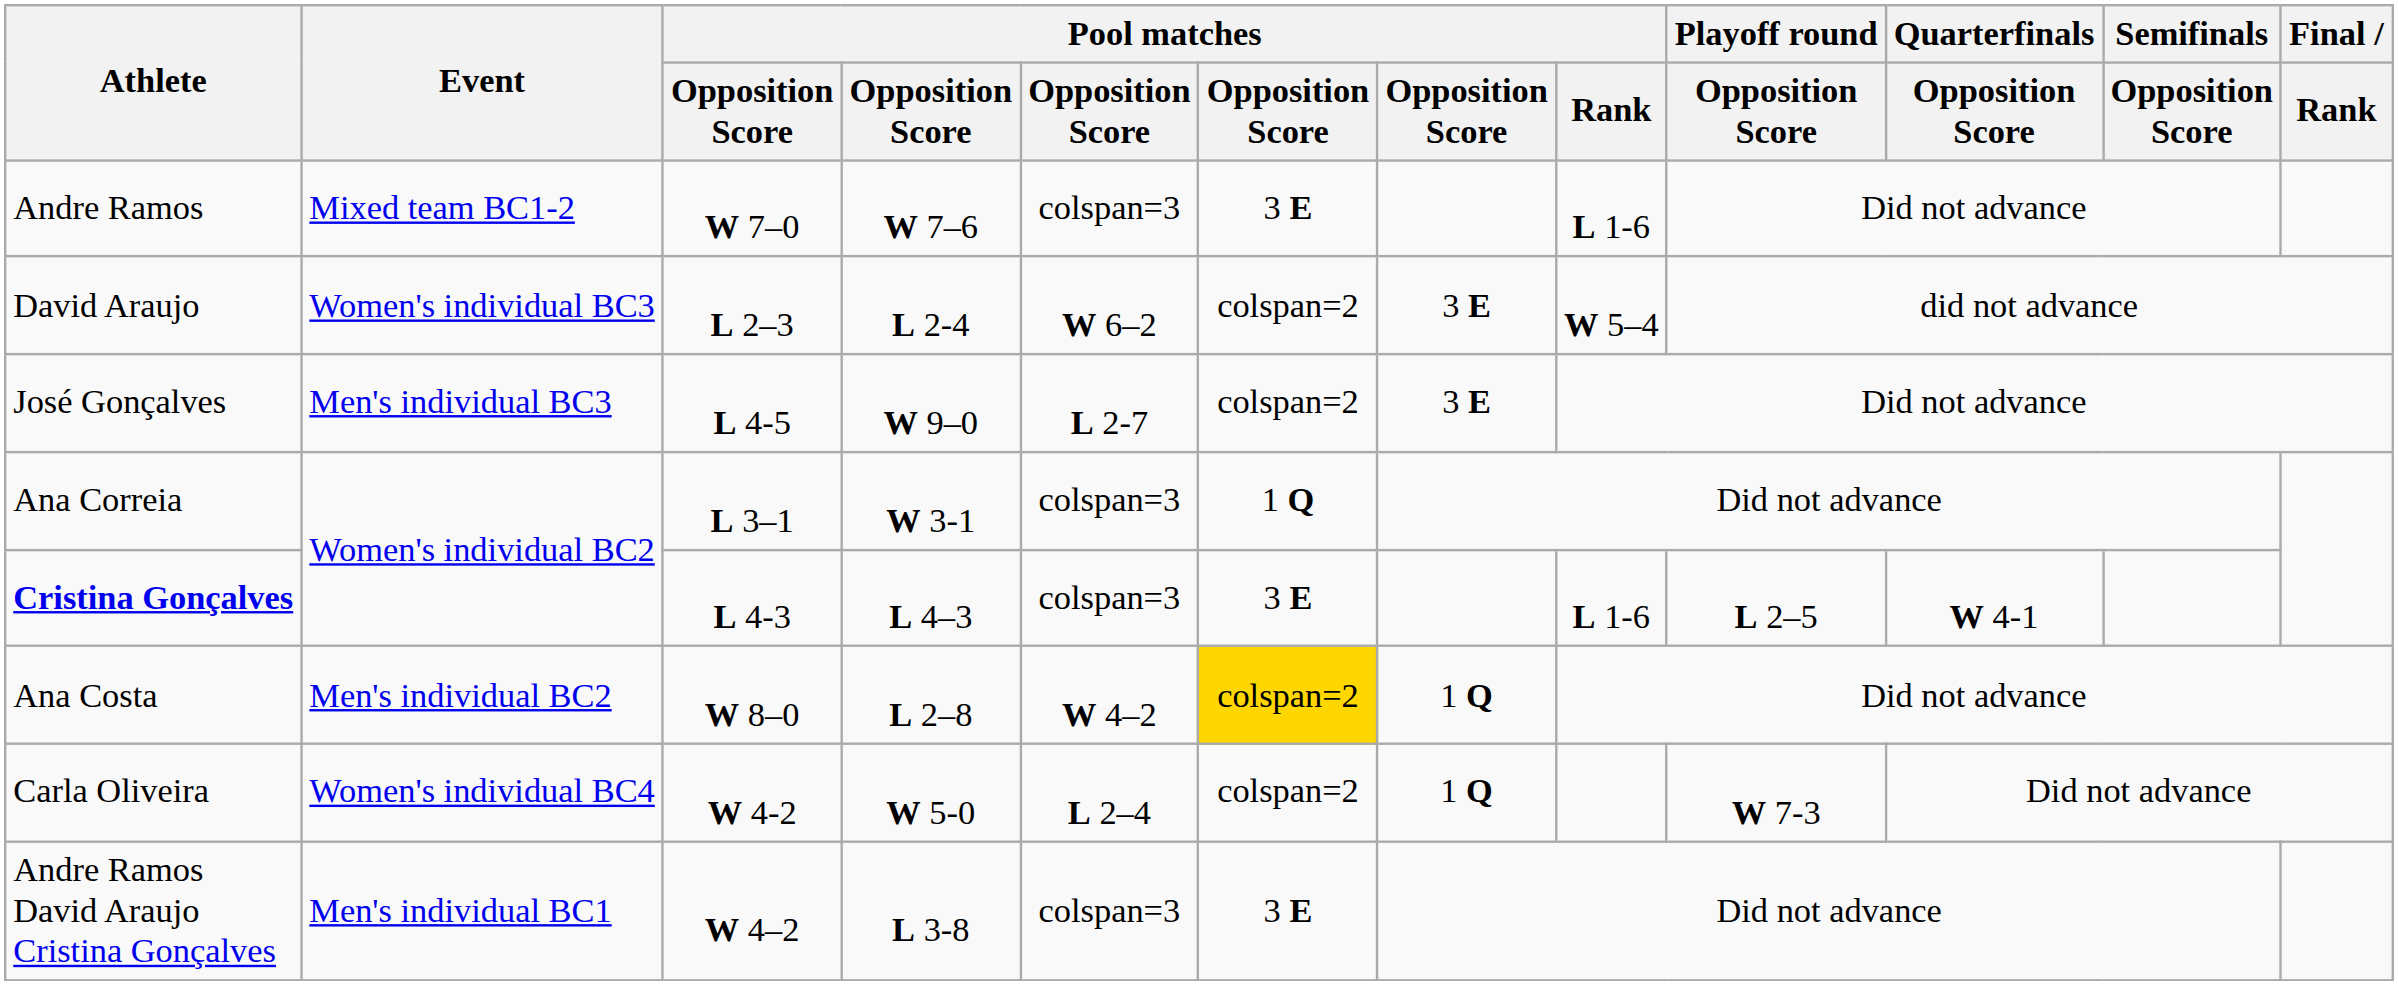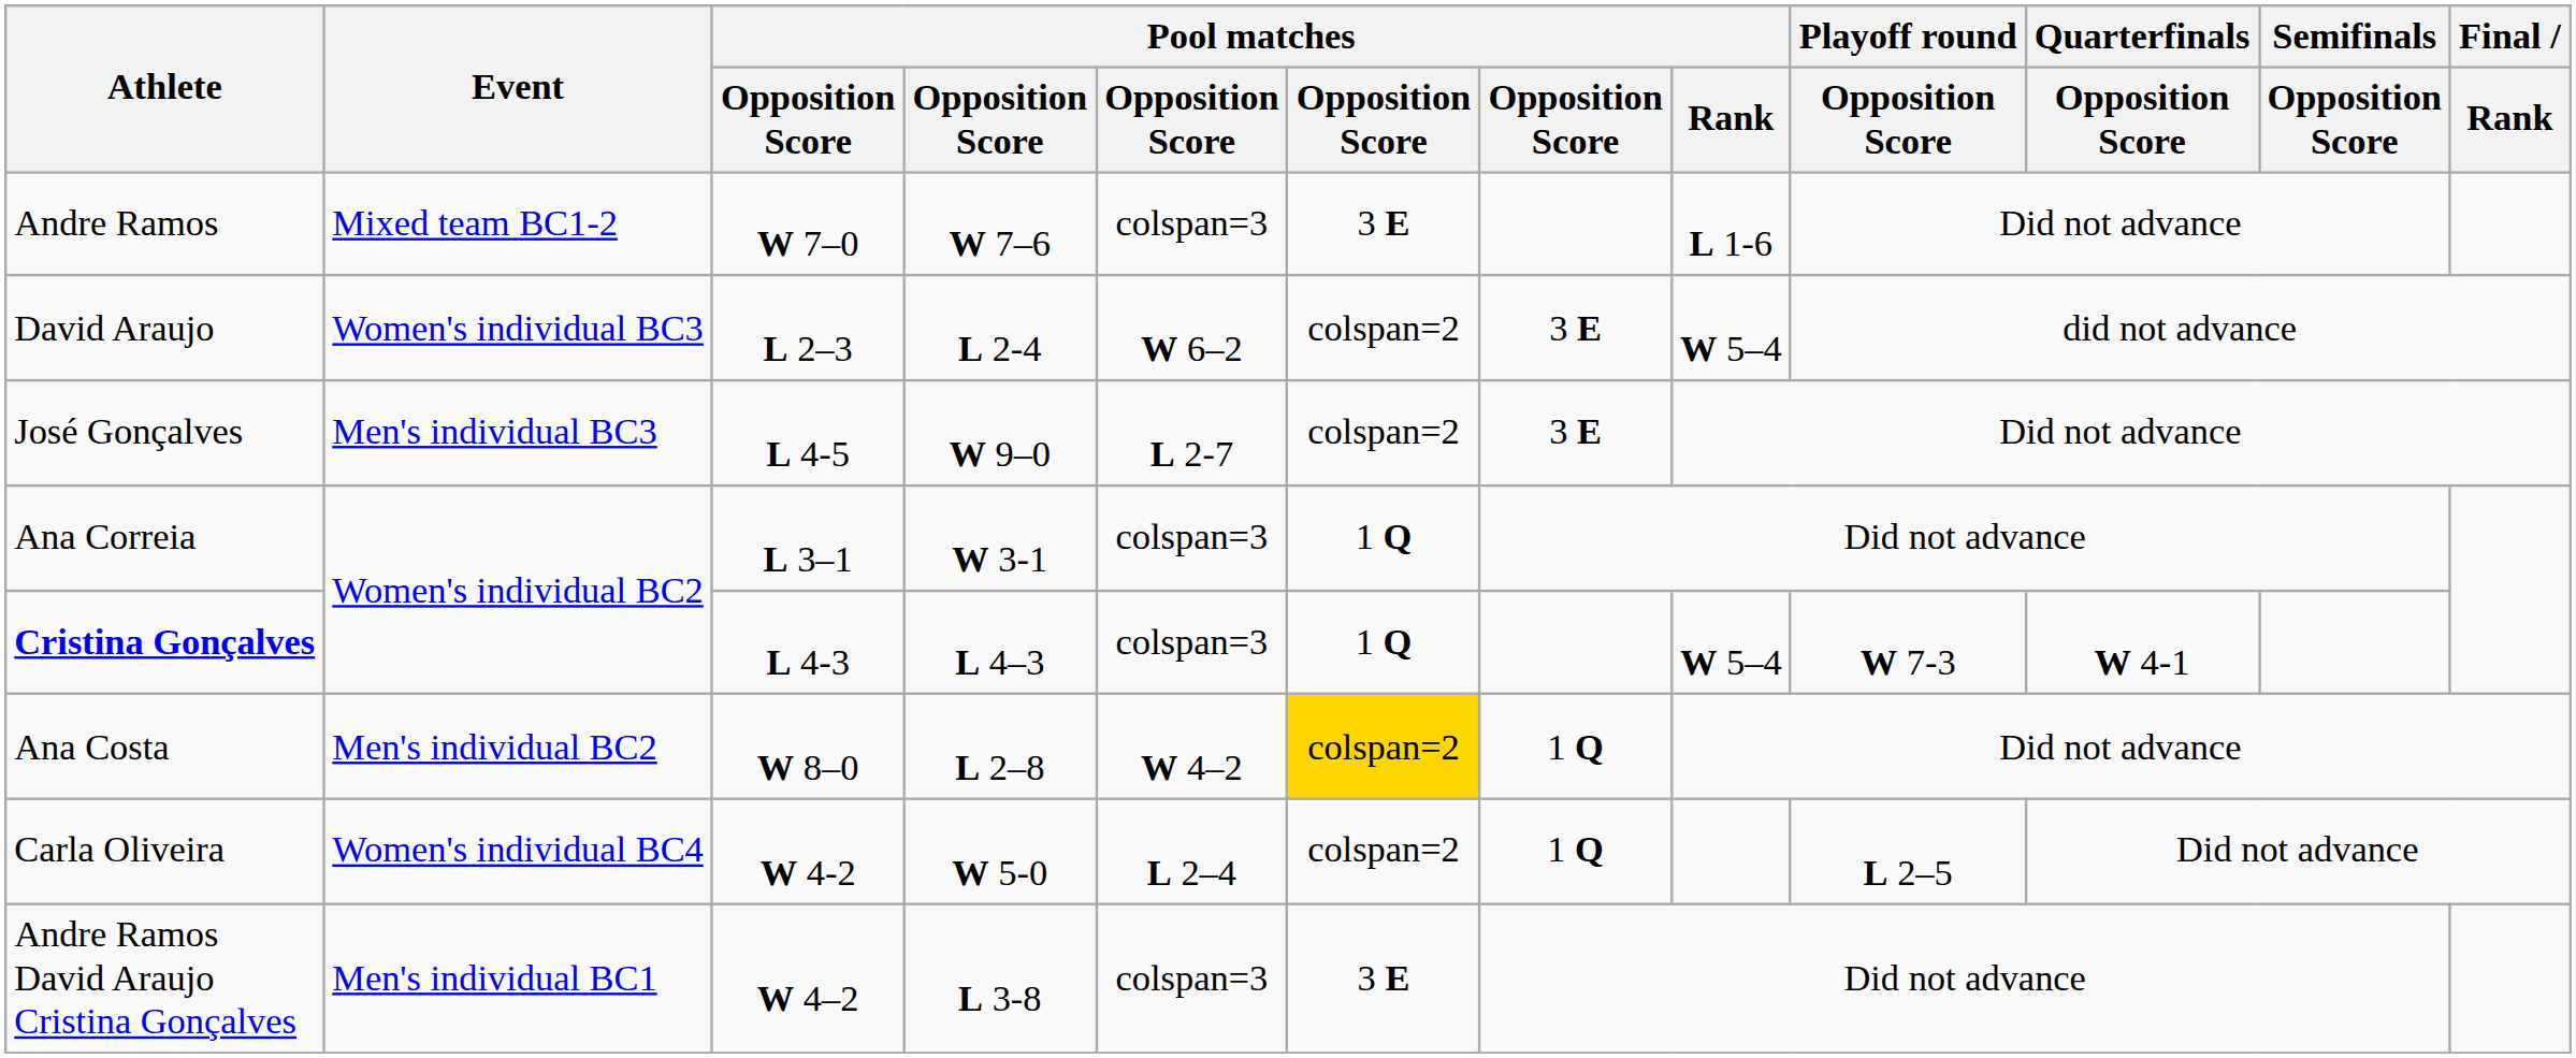 <table class=wikitable style="font-size:90%">
 <tr>
 <th rowspan="2">Athlete</th>
 <th rowspan="2">Event</th>
 <th colspan="6">Pool matches</th>
 <th>Playoff round</th>
 <th>Quarterfinals</th>
 <th>Semifinals</th>
 <th colspan=2>Final / </th>
 </tr>
 <tr>
 <th>Opposition<br>Score</th>
 <th>Opposition<br>Score</th>
 <th>Opposition<br>Score</th>
 <th>Opposition<br>Score</th>
 <th>Opposition<br>Score</th>
 <th>Rank</th>
 <th>Opposition<br>Score</th>
 <th>Opposition<br>Score</th>
 <th>Opposition<br>Score</th>
 <th>Rank</th>
 </tr>
 <tr align=center>
 <td align=left>Andre Ramos</td>
 <td align=left><a href='#'>Mixed team BC1-2</a></td>
 <td><br><strong>W</strong> 7–0</td>
 <td><br><strong>W</strong> 7–6</td>
 <td>colspan=3 </td>
 <td>3 <strong>E</strong></td>
 <td></td>
 <td><br><strong>L</strong> 1-6</td>
 <td colspan=3>Did not advance</td>
 </tr>
 <tr align=center>
 <td align=left>David Araujo</td>
 <td align=left><a href='#'>Women's individual BC3</a></td>
 <td><br><strong>L</strong> 2–3</td>
 <td><br><strong>L</strong> 2-4</td>
 <td><br><strong>W</strong> 6–2</td>
 <td>colspan=2 </td>
 <td>3 <strong>E</strong></td>
 <td><br><strong>W</strong> 5–4</td>
 <td colspan=4>did not advance</td>
 </tr>
 <tr align=center>
 <td align=left>José Gonçalves</td>
 <td align=left><a href='#'>Men's individual BC3</a></td>
 <td><br> <strong>L</strong> 4-5</td>
 <td><br><strong>W</strong> 9–0</td>
 <td><br><strong>L</strong> 2-7</td>
 <td>colspan=2 </td>
 <td>3 <strong>E</strong></td>
 <td colspan=5>Did not advance</td>
 </tr>
 <tr align=center>
 <td align=left>Ana Correia</td>
 <td align=left rowspan=2><a href='#'>Women's individual BC2</a></td>
 <td><br><strong>L</strong> 3–1</td>
 <td><br><strong>W</strong> 3-1</td>
 <td>colspan=3 </td>
 <td>1 <strong>Q</strong></td>
 <td colspan=5>Did not advance</td>
 </tr>
 <tr align=center>
 <td align=left><strong><a href='#'>Cristina Gonçalves</a> </strong></td>
 <td><br><strong>L</strong> 4-3</td>
 <td><br><strong>L</strong> 4–3</td>
 <td>colspan=3 </td>
-<td>3 <strong>E</strong></td>
+<td>1 <strong>Q</strong></td>
 <td></td>
-<td><br><strong>L</strong> 1-6</td>
-<td><br><strong>L</strong> 2–5</td>
+<td><br><strong>W</strong> 5–4</td>
+<td><br><strong>W</strong> 7-3</td>
 <td><br><strong>W</strong> 4-1</td>
 <td></td>
 </tr>
 <tr align=center>
 <td align=left>Ana Costa</td>
 <td align=left><a href='#'>Men's individual BC2</a></td>
 <td><br><strong>W</strong> 8–0</td>
 <td><br><strong>L</strong> 2–8</td>
 <td><br><strong>W</strong> 4–2</td>
 <td style="background: gold;">colspan=2</td>
 <td>1 <strong>Q</strong></td>
 <td colspan=5>Did not advance</td>
 </tr>
 <tr align=center>
 <td align=left>Carla Oliveira</td>
 <td align=left><a href='#'>Women's individual BC4</a></td>
 <td><br><strong>W</strong> 4-2</td>
 <td><br><strong>W</strong> 5-0</td>
 <td><br><strong>L</strong> 2–4</td>
 <td>colspan=2 </td>
 <td>1 <strong>Q</strong></td>
 <td></td>
-<td><br><strong>W</strong> 7-3</td>
+<td><br><strong>L</strong> 2–5</td>
 <td colspan=3>Did not advance</td>
 </tr>
 <tr align=center>
 <td align=left>Andre Ramos<br>David Araujo<br><a href='#'>Cristina Gonçalves</a></td>
 <td align=left><a href='#'>Men's individual BC1</a></td>
 <td><br><strong>W</strong> 4–2</td>
 <td><br> <strong>L</strong> 3-8</td>
 <td>colspan=3</td>
 <td>3 <strong>E</strong></td>
 <td colspan=5>Did not advance</td>
 </tr>
 </table>
